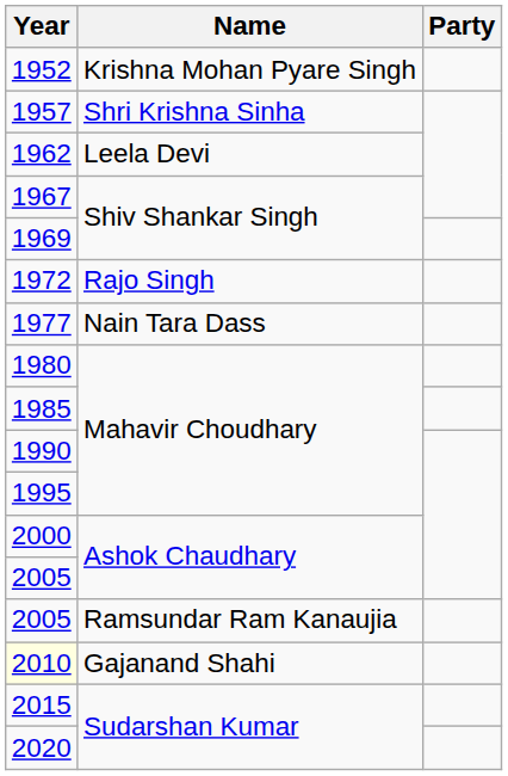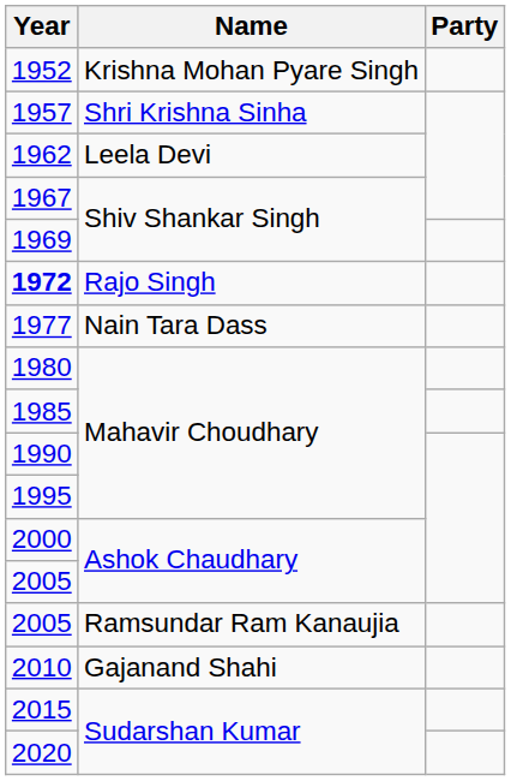 <table class="wikitable sortable">
 <tr>
 <th>Year</th>
 <th>Name</th>
 <th colspan="2">Party</th>
 </tr>
 <tr>
 <td><a href='#'>1952</a></td>
 <td>Krishna Mohan Pyare Singh</td>
 <td></td>
 </tr>
 <tr>
 <td><a href='#'>1957</a></td>
 <td><a href='#'>Shri Krishna Sinha</a></td>
 </tr>
 <tr>
 <td><a href='#'>1962</a></td>
 <td>Leela Devi</td>
 </tr>
 <tr>
 <td><a href='#'>1967</a></td>
 <td rowspan="2">Shiv Shankar Singh</td>
 </tr>
 <tr>
 <td><a href='#'>1969</a></td>
 <td></td>
 </tr>
 <tr>
-<td><a href='#'>1972</a></td>
+<td><strong><a href='#'>1972</a></strong></td>
 <td><a href='#'>Rajo Singh</a></td>
 </tr>
 <tr>
 <td><a href='#'>1977</a></td>
 <td>Nain Tara Dass</td>
 <td></td>
 </tr>
 <tr>
 <td><a href='#'>1980</a></td>
 <td rowspan="4">Mahavir Choudhary</td>
 <td></td>
 </tr>
 <tr>
 <td><a href='#'>1985</a></td>
 <td></td>
 </tr>
 <tr>
 <td><a href='#'>1990</a></td>
 </tr>
 <tr>
 <td><a href='#'>1995</a></td>
 </tr>
 <tr>
 <td><a href='#'>2000</a></td>
 <td rowspan="2"><a href='#'>Ashok Chaudhary</a></td>
 </tr>
 <tr>
 <td><a href='#'>2005</a></td>
 </tr>
 <tr>
 <td><a href='#'>2005</a></td>
 <td>Ramsundar Ram Kanaujia</td>
 <td></td>
 </tr>
 <tr>
-<td style="background: lightyellow;"><a href='#'>2010</a></td>
+<td><a href='#'>2010</a></td>
 <td>Gajanand Shahi</td>
 </tr>
 <tr>
 <td><a href='#'>2015</a></td>
 <td rowspan="2"><a href='#'>Sudarshan Kumar</a></td>
 <td></td>
 </tr>
 <tr>
 <td><a href='#'>2020</a></td>
 <td></td>
 </tr>
 </table>
